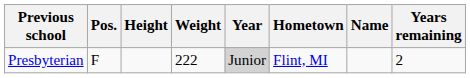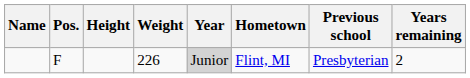 <table class="wikitable sortable" style="font-size:90%;" border="1">
 <tr>
-<th ! class="unsortable">Previous<br>school</th>
+<th>Name</th>
 <th>Pos.</th>
 <th>Height</th>
 <th>Weight</th>
 <th>Year</th>
 <th>Hometown</th>
-<th>Name</th>
+<th ! class="unsortable">Previous<br>school</th>
 <th ! class="unsortable">Years<br>remaining</th>
 </tr>
 <tr>
-<td><a href='#'>Presbyterian</a></td>
+<td></td>
 <td>F</td>
 <td></td>
-<td>222</td>
+<td>226</td>
 <td style="background: lightgrey;">Junior</td>
 <td><a href='#'>Flint, MI</a></td>
-<td></td>
+<td><a href='#'>Presbyterian</a></td>
 <td>2</td>
 </tr>
 </table>
